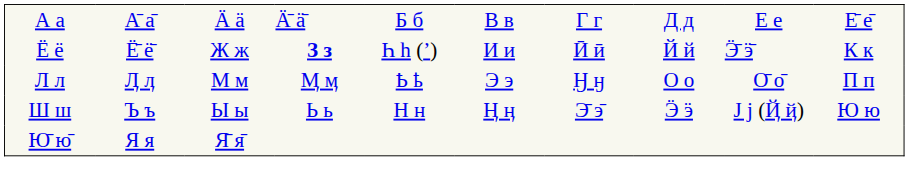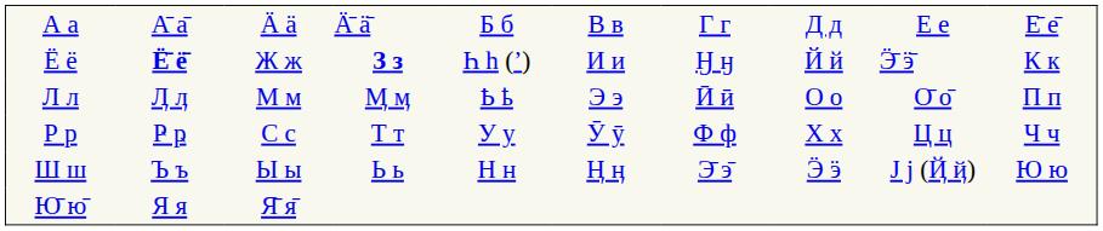 <table style="font-family:Arial Unicode MS; font-size:1.4em; border-color:#000000; border-width:1px; border-style:solid; border-collapse:collapse; background-color:#F8F8EF">
 <tr>
 <td style="width:4em; text-align:center; padding: 3px;"><a href='#'>А а</a></td>
 <td style="width:4em; text-align:center; padding: 3px;"><a href='#'>А̄ а̄</a></td>
 <td style="width:4em; text-align:center; padding: 3px;"><a href='#'>Ӓ ӓ</a></td>
 <td><a href='#'>Ӓ̄ ӓ̄</a></td>
 <td style="width:4em; text-align:center; padding: 3px;"><a href='#'>Б б</a></td>
 <td style="width:4em; text-align:center; padding: 3px;"><a href='#'>В в</a></td>
 <td style="width:4em; text-align:center; padding: 3px;"><a href='#'>Г г</a></td>
 <td style="width:4em; text-align:center; padding: 3px;"><a href='#'>Д д</a></td>
 <td style="width:4em; text-align:center; padding: 3px;"><a href='#'>Е е</a></td>
 <td style="width:4em; text-align:center; padding: 3px;"><a href='#'>Е̄ е̄</a></td>
 </tr>
 <tr>
 <td style="width:4em; text-align:center; padding: 3px;"><a href='#'>Ё ё</a></td>
-<td style="width:4em; text-align:center; padding: 3px;"><a href='#'>Ё̄ ё̄</a></td>
+<td style="width:4em; text-align:center; padding: 3px;"><strong><a href='#'>Ё̄ ё̄</a></strong></td>
 <td style="width:4em; text-align:center; padding: 3px;"><a href='#'>Ж ж</a></td>
 <td style="width:4em; text-align:center; padding: 3px;"><strong><a href='#'>З з</a></strong></td>
 <td style="width:4em; text-align:center; padding: 3px;"><a href='#'>Һ һ</a> (<a href='#'>ʼ</a>)</td>
 <td style="width:4em; text-align:center; padding: 3px;"><a href='#'>И и</a></td>
-<td style="width:4em; text-align:center; padding: 3px;"><a href='#'>Ӣ ӣ</a></td>
+<td style="width:4em; text-align:center; padding: 3px;"><a href='#'>Ӈ ӈ</a></td>
 <td style="width:4em; text-align:center; padding: 3px;"><a href='#'>Й й</a></td>
 <td><a href='#'>Ӭ̄ ӭ̄</a></td>
 <td style="width:4em; text-align:center; padding: 3px;"><a href='#'>К к</a></td>
 </tr>
 <tr>
 <td style="width:4em; text-align:center; padding: 3px;"><a href='#'>Л л</a></td>
 <td style="width:4em; text-align:center; padding: 3px;"><a href='#'>Ӆ ӆ</a></td>
 <td style="width:4em; text-align:center; padding: 3px;"><a href='#'>М м</a></td>
 <td style="width:4em; text-align:center; padding: 3px;"><a href='#'>Ӎ ӎ</a></td>
 <td style="width:4em; text-align:center; padding: 3px;"><a href='#'>Ҍ ҍ</a></td>
 <td style="width:4em; text-align:center; padding: 3px;"><a href='#'>Э э</a></td>
-<td style="width:4em; text-align:center; padding: 3px;"><a href='#'>Ӈ ӈ</a></td>
+<td style="width:4em; text-align:center; padding: 3px;"><a href='#'>Ӣ ӣ</a></td>
 <td style="width:4em; text-align:center; padding: 3px;"><a href='#'>О о</a></td>
 <td style="width:4em; text-align:center; padding: 3px;"><a href='#'>О̄ о̄</a></td>
 <td style="width:4em; text-align:center; padding: 3px;"><a href='#'>П п</a></td>
+</tr>
+<tr>
+<td style="width:4em; text-align:center; padding: 3px;"><a href='#'>Р р</a></td>
+<td style="width:4em; text-align:center; padding: 3px;"><a href='#'>Ҏ ҏ</a></td>
+<td style="width:4em; text-align:center; padding: 3px;"><a href='#'>С с</a></td>
+<td style="width:4em; text-align:center; padding: 3px;"><a href='#'>Т т</a></td>
+<td style="width:4em; text-align:center; padding: 3px;"><a href='#'>У у</a></td>
+<td style="width:4em; text-align:center; padding: 3px;"><a href='#'>Ӯ ӯ</a></td>
+<td style="width:4em; text-align:center; padding: 3px;"><a href='#'>Ф ф</a></td>
+<td style="width:4em; text-align:center; padding: 3px;"><a href='#'>Х х</a></td>
+<td style="width:4em; text-align:center; padding: 3px;"><a href='#'>Ц ц</a></td>
+<td style="width:4em; text-align:center; padding: 3px;"><a href='#'>Ч ч</a></td>
 </tr>
 <tr>
 <td style="width:4em; text-align:center; padding: 3px;"><a href='#'>Ш ш</a></td>
 <td style="width:4em; text-align:center; padding: 3px;"><a href='#'>Ъ ъ</a></td>
 <td style="width:4em; text-align:center; padding: 3px;"><a href='#'>Ы ы</a></td>
 <td style="width:4em; text-align:center; padding: 3px;"><a href='#'>Ь ь</a></td>
 <td style="width:4em; text-align:center; padding: 3px;"><a href='#'>Н н</a></td>
 <td style="width:4em; text-align:center; padding: 3px;"><a href='#'>Ӊ ӊ</a></td>
 <td style="width:4em; text-align:center; padding: 3px;"><a href='#'>Э̄ э̄</a></td>
 <td style="width:4em; text-align:center; padding: 3px;"><a href='#'>Ӭ ӭ</a></td>
 <td style="width:4em; text-align:center; padding: 3px;"><a href='#'>Ј ј</a> (<a href='#'>Ҋ ҋ</a>)</td>
 <td style="width:4em; text-align:center; padding: 3px;"><a href='#'>Ю ю</a></td>
 </tr>
 <tr>
 <td style="width:4em; text-align:center; padding: 3px;"><a href='#'>Ю̄ ю̄</a></td>
 <td style="width:4em; text-align:center; padding: 3px;"><a href='#'>Я я</a></td>
 <td style="width:4em; text-align:center; padding: 3px;"><a href='#'>Я̄ я̄</a></td>
 <td></td>
 <td></td>
 </tr>
 </table>
